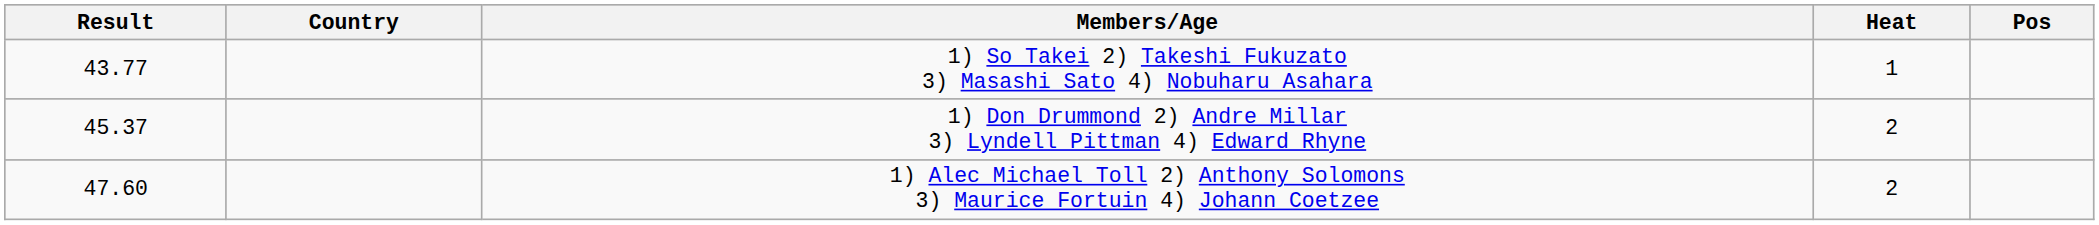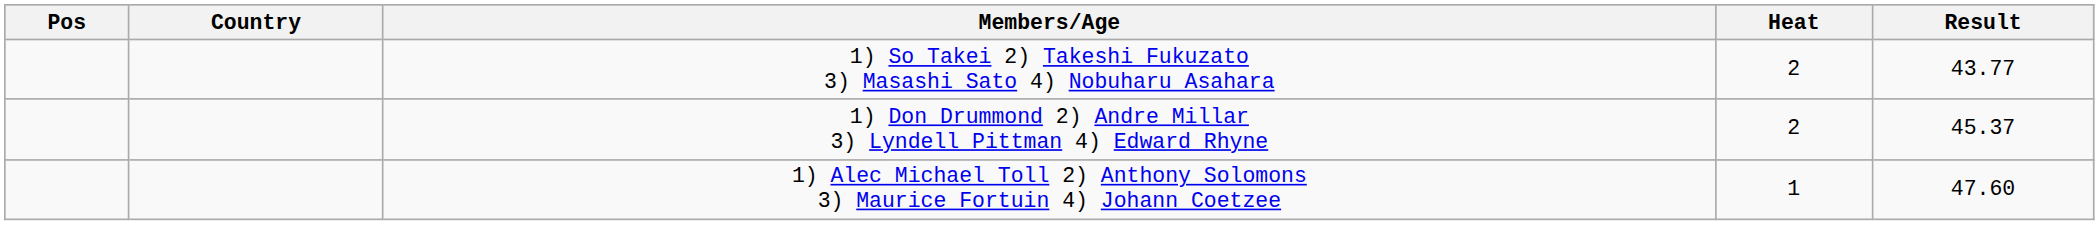 <table class="wikitable"  style="text-align:center; width:80%;">
 <tr>
-<th>Result</th>
+<th>Pos</th>
 <th>Country</th>
 <th>Members/Age</th>
 <th>Heat</th>
-<th>Pos</th>
+<th>Result</th>
 </tr>
 <tr>
-<td>43.77</td>
+<td align=center></td>
 <td align=left></td>
 <td>1) <a href='#'>So Takei</a> 2) <a href='#'>Takeshi Fukuzato</a><br>3) <a href='#'>Masashi Sato</a> 4) <a href='#'>Nobuharu Asahara</a></td>
-<td>1</td>
-<td align=center></td>
+<td>2</td>
+<td>43.77</td>
 </tr>
 <tr>
-<td>45.37</td>
+<td align=center></td>
 <td align=left></td>
 <td>1) <a href='#'>Don Drummond</a> 2) <a href='#'>Andre Millar</a><br>3) <a href='#'>Lyndell Pittman</a> 4) <a href='#'>Edward Rhyne</a></td>
 <td>2</td>
-<td align=center></td>
+<td>45.37</td>
 </tr>
 <tr>
-<td>47.60</td>
+<td align=center></td>
 <td align=left></td>
 <td>1) <a href='#'>Alec Michael Toll</a> 2) <a href='#'>Anthony Solomons</a><br>3) <a href='#'>Maurice Fortuin</a> 4) <a href='#'>Johann Coetzee</a></td>
-<td>2</td>
-<td align=center></td>
+<td>1</td>
+<td>47.60</td>
 </tr>
 </table>
